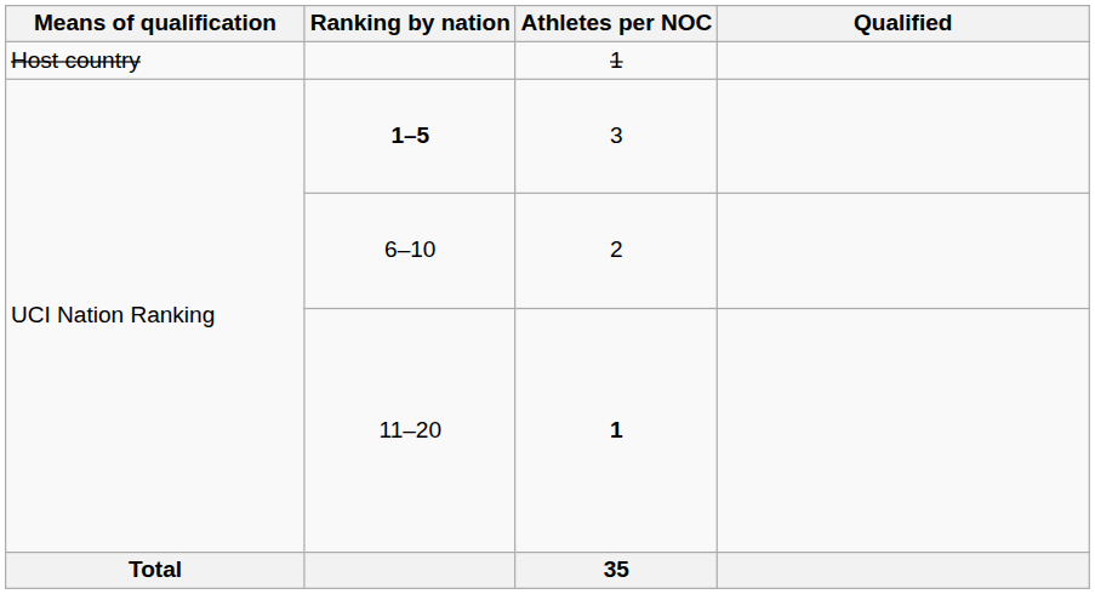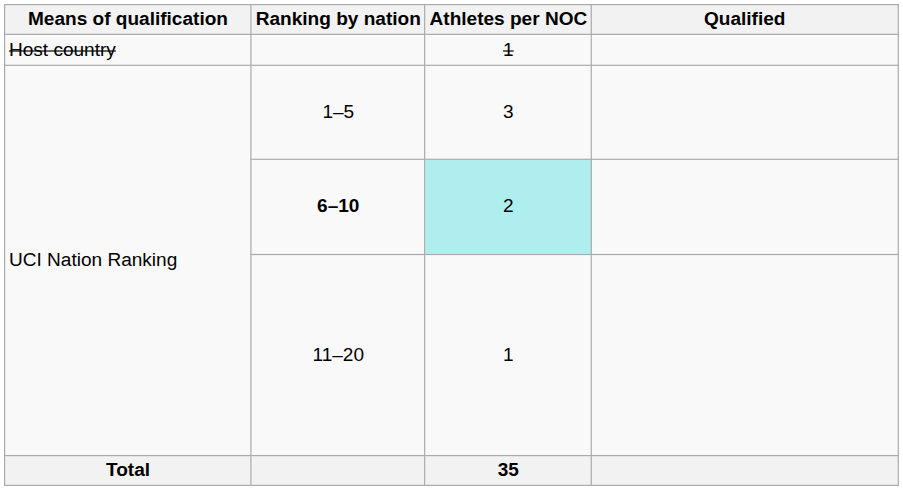 <table class="wikitable"  style="text-align:center;">
 <tr>
 <th width="200">Means of qualification</th>
 <th>Ranking by nation</th>
 <th>Athletes per NOC</th>
 <th width="250">Qualified</th>
 </tr>
 <tr>
 <td style="text-align:left;"><s>Host country</s></td>
 <td></td>
 <td><s>1</s></td>
 <td align="left"><s></s></td>
 </tr>
 <tr>
 <td style="text-align:left;" rowspan="3">UCI Nation Ranking</td>
-<td><strong>1–5</strong></td>
+<td>1–5</td>
 <td>3</td>
 <td align="left"><br><br><br><br></td>
 </tr>
 <tr>
-<td>6–10</td>
-<td>2</td>
+<td><strong>6–10</strong></td>
+<td style="background: paleturquoise;">2</td>
 <td align="left"><br><br><br><br></td>
 </tr>
 <tr>
 <td>11–20</td>
-<td><strong>1</strong></td>
+<td>1</td>
 <td align="left"><br><br><br><br><br><br><br><br><br></td>
 </tr>
 <tr>
 <th>Total</th>
 <th></th>
 <th>35</th>
 <th></th>
 </tr>
 </table>
